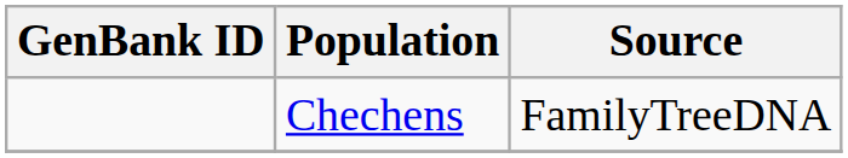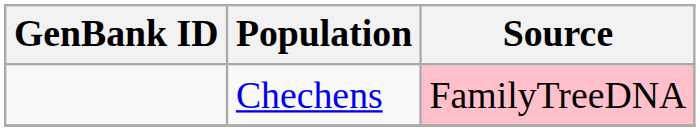 <table class="wikitable sortable">
 <tr>
 <th scope="col">GenBank ID</th>
 <th scope="col">Population</th>
 <th scope="col">Source</th>
 </tr>
 <tr>
 <td></td>
 <td><a href='#'>Chechens</a></td>
-<td>FamilyTreeDNA</td>
+<td style="background: pink;">FamilyTreeDNA</td>
 </tr>
 <tr>
 </tr>
 </table>
